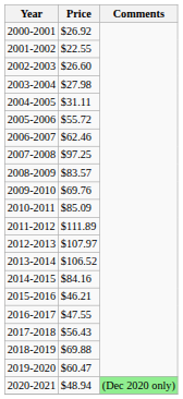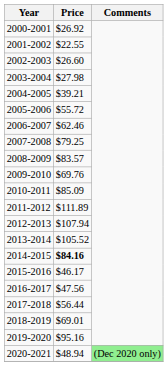 <table class="wikitable sortable">
 <tr>
 <th>Year</th>
 <th>Price</th>
 <th>Comments</th>
 </tr>
 <tr>
 <td>2000-2001</td>
 <td>$26.92</td>
 <td rowspan="20"></td>
 </tr>
 <tr>
 <td>2001-2002</td>
 <td>$22.55</td>
 </tr>
 <tr>
 <td>2002-2003</td>
 <td>$26.60</td>
 </tr>
 <tr>
 <td>2003-2004</td>
 <td>$27.98</td>
 </tr>
 <tr>
 <td>2004-2005</td>
-<td>$31.11</td>
+<td>$39.21</td>
 </tr>
 <tr>
 <td>2005-2006</td>
 <td>$55.72</td>
 </tr>
 <tr>
 <td>2006-2007</td>
 <td>$62.46</td>
 </tr>
 <tr>
 <td>2007-2008</td>
-<td>$97.25</td>
+<td>$79.25</td>
 </tr>
 <tr>
 <td>2008-2009</td>
 <td>$83.57</td>
 </tr>
 <tr>
 <td>2009-2010</td>
 <td>$69.76</td>
 </tr>
 <tr>
 <td>2010-2011</td>
 <td>$85.09</td>
 </tr>
 <tr>
 <td>2011-2012</td>
 <td>$111.89</td>
 </tr>
 <tr>
 <td>2012-2013</td>
-<td>$107.97</td>
+<td>$107.94</td>
 </tr>
 <tr>
 <td>2013-2014</td>
-<td>$106.52</td>
+<td>$105.52</td>
 </tr>
 <tr>
 <td>2014-2015</td>
-<td>$84.16</td>
+<td><strong>$84.16</strong></td>
 </tr>
 <tr>
 <td>2015-2016</td>
-<td>$46.21</td>
+<td>$46.17</td>
 </tr>
 <tr>
 <td>2016-2017</td>
-<td>$47.55</td>
+<td>$47.56</td>
 </tr>
 <tr>
 <td>2017-2018</td>
-<td>$56.43</td>
+<td>$56.44</td>
 </tr>
 <tr>
 <td>2018-2019</td>
-<td>$69.88</td>
+<td>$69.01</td>
 </tr>
 <tr>
 <td>2019-2020</td>
-<td>$60.47</td>
+<td>$95.16</td>
 </tr>
 <tr>
 <td>2020-2021</td>
 <td>$48.94</td>
 <td style="background: lightgreen;">(Dec 2020 only)<br> </td>
 </tr>
 <tr>
 </tr>
 </table>
